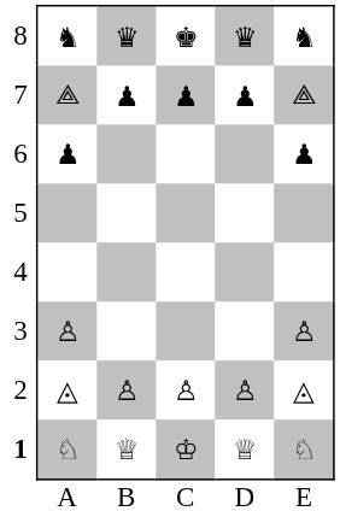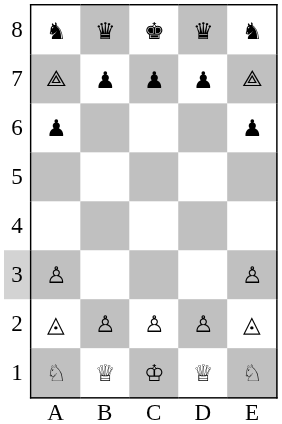 <table style="text-align:center;border-spacing:0pt;font-family:'Arial Unicode MS'; border-collapse:collapse; border-color: black; border-style: solid; border-width: 0pt 0pt 0pt 0pt">
 <tr>
 <td style="width:12pt">8</td>
 <td style="width:24pt; height:24pt; border-collapse:collapse; border-color: black; border-style: solid; border-width: 1pt 0pt 0pt 1pt"><span>♞</span></td>
 <td style="width:24pt; height:24pt; border-collapse:collapse; border-color: black; border-style: solid; border-width: 1pt 0pt 0pt 0pt" bgcolor="silver"><span>♛</span></td>
 <td style="width:24pt; height:24pt; border-collapse:collapse; border-color: black; border-style: solid; border-width: 1pt 0pt 0pt 0pt"><span>♚</span></td>
 <td style="width:24pt; height:24pt; border-collapse:collapse; border-color: black; border-style: solid; border-width: 1pt 0pt 0pt 0pt" bgcolor="silver"><span>♛</span></td>
 <td style="width:24pt; height:24pt; border-collapse:collapse; border-color: black; border-style: solid; border-width: 1pt 1pt 0pt 0pt"><span>♞</span></td>
 </tr>
 <tr>
 <td style="width:12pt">7</td>
 <td style="width:24pt; height:24pt; border-collapse:collapse; border-color: black; border-style: solid; border-width: 0pt 0pt 0pt 1pt" bgcolor="silver"><span>⟁</span></td>
 <td style="width:24pt; height:24pt;"><span>♟</span></td>
 <td style="width:24pt; height:24pt;" bgcolor="silver"><span>♟</span></td>
 <td style="width:24pt; height:24pt;"><span>♟</span></td>
 <td style="width:24pt; height:24pt; border-collapse:collapse; border-color: black; border-style: solid; border-width: 0pt 1pt 0pt 0pt" bgcolor="silver"><span>⟁</span></td>
 </tr>
 <tr>
 <td style="width:12pt">6</td>
 <td style="width:24pt; height:24pt; border-collapse:collapse; border-color: black; border-style: solid; border-width: 0pt 0pt 0pt 1pt"><span>♟</span></td>
 <td style="width:24pt; height:24pt;" bgcolor="silver"></td>
 <td style="width:24pt; height:24pt;"></td>
 <td style="width:24pt; height:24pt;" bgcolor="silver"></td>
 <td style="width:24pt; height:24pt; border-collapse:collapse; border-color: black; border-style: solid; border-width: 0pt 1pt 0pt 0pt"><span>♟</span></td>
 </tr>
 <tr>
 <td style="width:12pt">5</td>
 <td style="width:24pt; height:24pt; border-collapse:collapse; border-color: black; border-style: solid; border-width: 0pt 0pt 0pt 1pt" bgcolor="silver"><span><br></span></td>
 <td style="width:24pt; height:24pt;"></td>
 <td style="width:24pt; height:24pt;" bgcolor="silver"></td>
 <td style="width:24pt; height:24pt;"></td>
 <td style="width:24pt; height:24pt; border-collapse:collapse; border-color: black; border-style: solid; border-width: 0pt 1pt 0pt 0pt" bgcolor="silver"></td>
 </tr>
 <tr>
 <td style="width:12pt">4</td>
 <td style="width:24pt; height:24pt; border-collapse:collapse; border-color: black; border-style: solid; border-width: 0pt 0pt 0pt 1pt"><span><br></span></td>
 <td style="width:24pt; height:24pt;" bgcolor="silver"></td>
 <td style="width:24pt; height:24pt;"></td>
 <td style="width:24pt; height:24pt;" bgcolor="silver"></td>
 <td style="width:24pt; height:24pt; border-collapse:collapse; border-color: black; border-style: solid; border-width: 0pt 1pt 0pt 0pt"></td>
 </tr>
 <tr>
-<td style="width:12pt">3</td>
+<td style="background: lightgrey; width:12pt">3</td>
 <td style="width:24pt; height:24pt; border-collapse:collapse; border-color: black; border-style: solid; border-width: 0pt 0pt 0pt 1pt" bgcolor="silver"><span>♙</span></td>
 <td style="width:24pt; height:24pt;"></td>
 <td style="width:24pt; height:24pt;" bgcolor="silver"></td>
 <td style="width:24pt; height:24pt;"></td>
 <td style="width:24pt; height:24pt; border-collapse:collapse; border-color: black; border-style: solid; border-width: 0pt 1pt 0pt 0pt" bgcolor="silver"><span>♙</span></td>
 </tr>
 <tr>
 <td style="width:12pt">2</td>
 <td style="width:24pt; height:24pt; border-collapse:collapse; border-color: black; border-style: solid; border-width: 0pt 0pt 0pt 1pt"><span>◬</span></td>
 <td style="width:24pt; height:24pt;" bgcolor="silver"><span>♙</span></td>
 <td style="width:24pt; height:24pt;"><span>♙</span></td>
 <td style="width:24pt; height:24pt;" bgcolor="silver"><span>♙</span></td>
 <td style="width:24pt; height:24pt; border-collapse:collapse; border-color: black; border-style: solid; border-width: 0pt 1pt 0pt 0pt"><span>◬</span></td>
 </tr>
 <tr>
-<td style="width:12pt"><strong>1</strong></td>
+<td style="width:12pt">1</td>
 <td style="width:24pt; height:24pt; border-collapse:collapse; border-color: black; border-style: solid; border-width: 0pt 0pt 1pt 1pt" bgcolor="silver"><span>♘</span></td>
 <td style="width:24pt; height:24pt; border-collapse:collapse; border-color: black; border-style: solid; border-width: 0pt 0pt 1pt 0pt"><span>♕</span></td>
 <td style="width:24pt; height:24pt; border-collapse:collapse; border-color: black; border-style: solid; border-width: 0pt 0pt 1pt 0pt" bgcolor="silver"><span>♔</span></td>
 <td style="width:24pt; height:24pt; border-collapse:collapse; border-color: black; border-style: solid; border-width: 0pt 0pt 1pt 0pt"><span>♕</span></td>
 <td style="width:24pt; height:24pt; border-collapse:collapse; border-color: black; border-style: solid; border-width: 0pt 1pt 1pt 0pt" bgcolor="silver"><span>♘</span></td>
 </tr>
 <tr>
 <td></td>
 <td>A</td>
 <td>B</td>
 <td>C</td>
 <td>D</td>
 <td>E</td>
 </tr>
 </table>
